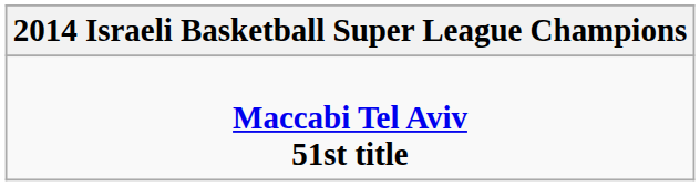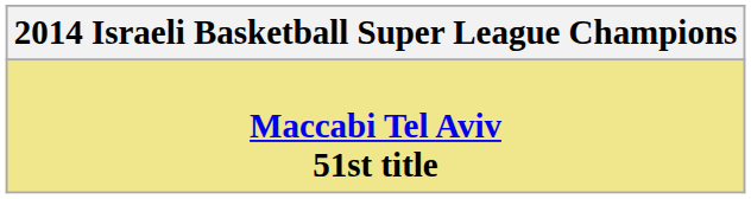 <table class=wikitable style="text-align:center; margin:auto">
 <tr>
 <th>2014 Israeli Basketball Super League Champions</th>
 </tr>
 <tr>
-<td><br> <strong><a href='#'>Maccabi Tel Aviv</a></strong> <br> <strong>51st title</strong></td>
+<td style="background: khaki;"><br> <strong><a href='#'>Maccabi Tel Aviv</a></strong> <br> <strong>51st title</strong></td>
 </tr>
 </table>
